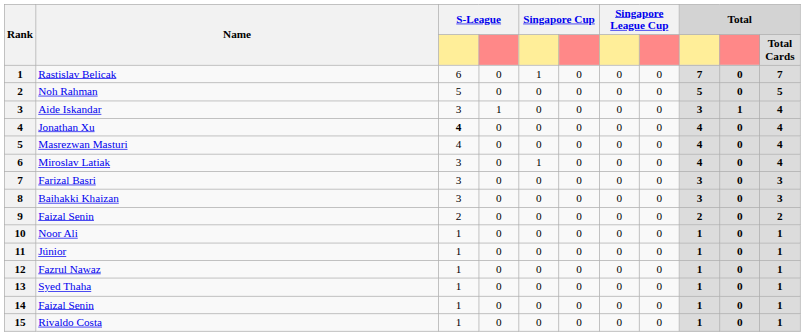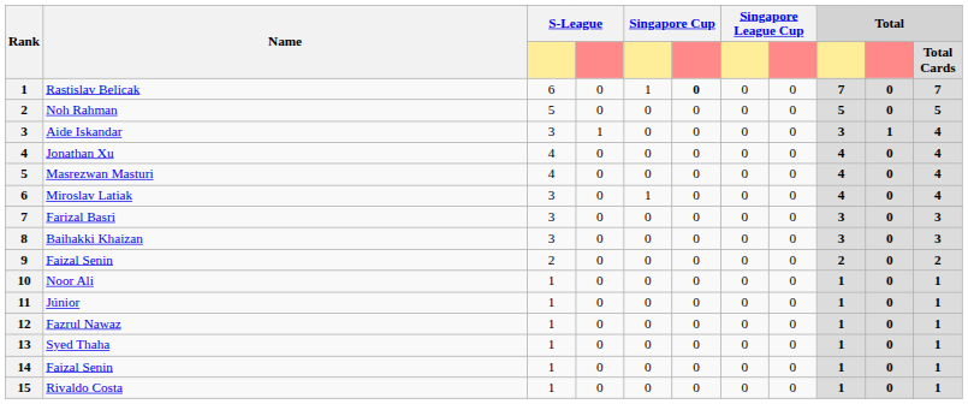 <table class="wikitable" style="text-align: center;" width=90%>
 <tr>
 <th width=3% rowspan="2">Rank</th>
 <th rowspan="2">Name</th>
 <th colspan="2" width="100px"><a href='#'>S-League</a></th>
 <th colspan="2" width="100px"><a href='#'>Singapore Cup</a></th>
 <th colspan="2" width="100px"><a href='#'>Singapore League Cup</a></th>
 <th colspan="3" style="background: #D3D3D3">Total</th>
 </tr>
 <tr>
 <th width="50px" style="background: #FFEE99"></th>
 <th width="50px" style="background: #FF8888"></th>
 <th width="50px" style="background: #FFEE99"></th>
 <th width="50px" style="background: #FF8888"></th>
 <th width="50px" style="background: #FFEE99"></th>
 <th width="50px" style="background: #FF8888"></th>
 <th width="50px" style="background: #FFEE99"></th>
 <th width="50px" style="background: #FF8888"></th>
 <th width="50px" style="background: #DCDCDC">Total Cards</th>
 </tr>
 <tr>
 <th>1</th>
 <td style="text-align:left;"> <a href='#'>Rastislav Belicak</a></td>
 <td>6 </td>
 <td>0</td>
 <td>1 </td>
-<td>0</td>
+<td><strong>0</strong></td>
 <td>0 </td>
 <td>0</td>
 <th style="background: #DCDCDC"><strong>7</strong> </th>
 <th style="background: #DCDCDC"><strong>0</strong> </th>
 <th style="background: #DCDCDC"><strong>7</strong> </th>
 </tr>
 <tr>
 <th>2</th>
 <td style="text-align:left;"> <a href='#'>Noh Rahman</a></td>
 <td>5 </td>
 <td>0</td>
 <td>0 </td>
 <td>0</td>
 <td>0 </td>
 <td>0</td>
 <th style="background: #DCDCDC"><strong>5</strong> </th>
 <th style="background: #DCDCDC"><strong>0</strong> </th>
 <th style="background: #DCDCDC"><strong>5</strong> </th>
 </tr>
 <tr>
 <th>3</th>
 <td style="text-align:left;"> <a href='#'>Aide Iskandar</a></td>
 <td>3 </td>
 <td>1</td>
 <td>0 </td>
 <td>0</td>
 <td>0 </td>
 <td>0</td>
 <th style="background: #DCDCDC"><strong>3</strong> </th>
 <th style="background: #DCDCDC"><strong>1</strong> </th>
 <th style="background: #DCDCDC"><strong>4</strong> </th>
 </tr>
 <tr>
 <th>4</th>
 <td style="text-align:left;"> <a href='#'>Jonathan Xu</a></td>
-<td><strong>4 </strong></td>
+<td>4 </td>
 <td>0</td>
 <td>0 </td>
 <td>0</td>
 <td>0 </td>
 <td>0</td>
 <th style="background: #DCDCDC"><strong>4</strong> </th>
 <th style="background: #DCDCDC"><strong>0</strong> </th>
 <th style="background: #DCDCDC"><strong>4</strong> </th>
 </tr>
 <tr>
 <th>5</th>
 <td style="text-align:left;"> <a href='#'>Masrezwan Masturi</a></td>
 <td>4 </td>
 <td>0</td>
 <td>0 </td>
 <td>0</td>
 <td>0 </td>
 <td>0</td>
 <th style="background: #DCDCDC"><strong>4</strong> </th>
 <th style="background: #DCDCDC"><strong>0</strong> </th>
 <th style="background: #DCDCDC"><strong>4</strong> </th>
 </tr>
 <tr>
 <th>6</th>
 <td style="text-align:left;"> <a href='#'>Miroslav Latiak</a></td>
 <td>3 </td>
 <td>0</td>
 <td>1 </td>
 <td>0</td>
 <td>0 </td>
 <td>0</td>
 <th style="background: #DCDCDC"><strong>4</strong> </th>
 <th style="background: #DCDCDC"><strong>0</strong> </th>
 <th style="background: #DCDCDC"><strong>4</strong> </th>
 </tr>
 <tr>
 <th>7</th>
 <td style="text-align:left;"> <a href='#'>Farizal Basri</a></td>
 <td>3 </td>
 <td>0</td>
 <td>0 </td>
 <td>0</td>
 <td>0 </td>
 <td>0</td>
 <th style="background: #DCDCDC"><strong>3</strong> </th>
 <th style="background: #DCDCDC"><strong>0</strong> </th>
 <th style="background: #DCDCDC"><strong>3</strong> </th>
 </tr>
 <tr>
 <th>8</th>
 <td style="text-align:left;"> <a href='#'>Baihakki Khaizan</a></td>
 <td>3 </td>
 <td>0</td>
 <td>0 </td>
 <td>0</td>
 <td>0 </td>
 <td>0</td>
 <th style="background: #DCDCDC"><strong>3</strong> </th>
 <th style="background: #DCDCDC"><strong>0</strong> </th>
 <th style="background: #DCDCDC"><strong>3</strong> </th>
 </tr>
 <tr>
 <th>9</th>
 <td style="text-align:left;"> <a href='#'>Faizal Senin</a></td>
 <td>2 </td>
 <td>0</td>
 <td>0 </td>
 <td>0</td>
 <td>0 </td>
 <td>0</td>
 <th style="background: #DCDCDC"><strong>2</strong> </th>
 <th style="background: #DCDCDC"><strong>0</strong> </th>
 <th style="background: #DCDCDC"><strong>2</strong> </th>
 </tr>
 <tr>
 <th>10</th>
 <td style="text-align:left;"> <a href='#'>Noor Ali</a></td>
 <td>1 </td>
 <td>0</td>
 <td>0 </td>
 <td>0</td>
 <td>0 </td>
 <td>0</td>
 <th style="background: #DCDCDC"><strong>1</strong> </th>
 <th style="background: #DCDCDC"><strong>0</strong> </th>
 <th style="background: #DCDCDC"><strong>1</strong> </th>
 </tr>
 <tr>
 <th>11</th>
 <td style="text-align:left;"> <a href='#'>Júnior</a></td>
 <td>1 </td>
 <td>0</td>
 <td>0 </td>
 <td>0</td>
 <td>0 </td>
 <td>0</td>
 <th style="background: #DCDCDC"><strong>1</strong> </th>
 <th style="background: #DCDCDC"><strong>0</strong> </th>
 <th style="background: #DCDCDC"><strong>1</strong> </th>
 </tr>
 <tr>
 <th>12</th>
 <td style="text-align:left;"> <a href='#'>Fazrul Nawaz</a></td>
 <td>1 </td>
 <td>0</td>
 <td>0 </td>
 <td>0</td>
 <td>0 </td>
 <td>0</td>
 <th style="background: #DCDCDC"><strong>1</strong> </th>
 <th style="background: #DCDCDC"><strong>0</strong> </th>
 <th style="background: #DCDCDC"><strong>1</strong> </th>
 </tr>
 <tr>
 <th>13</th>
 <td style="text-align:left;"> <a href='#'>Syed Thaha</a></td>
 <td>1 </td>
 <td>0</td>
 <td>0 </td>
 <td>0</td>
 <td>0 </td>
 <td>0</td>
 <th style="background: #DCDCDC"><strong>1</strong> </th>
 <th style="background: #DCDCDC"><strong>0</strong> </th>
 <th style="background: #DCDCDC"><strong>1</strong> </th>
 </tr>
 <tr>
 <th>14</th>
 <td style="text-align:left;"> <a href='#'>Faizal Senin</a></td>
 <td>1 </td>
 <td>0</td>
 <td>0 </td>
 <td>0</td>
 <td>0 </td>
 <td>0</td>
 <th style="background: #DCDCDC"><strong>1</strong> </th>
 <th style="background: #DCDCDC"><strong>0</strong> </th>
 <th style="background: #DCDCDC"><strong>1</strong> </th>
 </tr>
 <tr>
 <th>15</th>
 <td style="text-align:left;"> <a href='#'>Rivaldo Costa</a></td>
 <td>1 </td>
 <td>0</td>
 <td>0 </td>
 <td>0</td>
 <td>0 </td>
 <td>0</td>
 <th style="background: #DCDCDC"><strong>1</strong> </th>
 <th style="background: #DCDCDC"><strong>0</strong> </th>
 <th style="background: #DCDCDC"><strong>1</strong> </th>
 </tr>
 </table>
